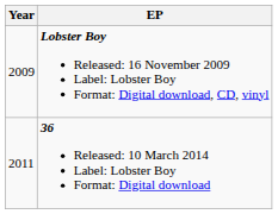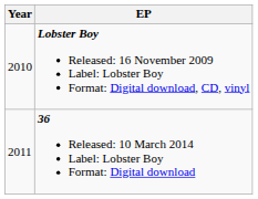 <table class="wikitable">
 <tr>
 <th>Year</th>
 <th>EP</th>
 </tr>
 <tr>
-<td>2009</td>
+<td>2010</td>
 <td><strong><em>Lobster Boy</em></strong><br><ul><li>Released: 16 November 2009</li><li>Label: Lobster Boy</li><li>Format: <a href='#'>Digital download</a>, <a href='#'>CD</a>, <a href='#'>vinyl</a></li></ul></td>
 </tr>
 <tr>
 <td>2011</td>
 <td><strong><em>36</em></strong><br><ul><li>Released: 10 March 2014</li><li>Label: Lobster Boy</li><li>Format: <a href='#'>Digital download</a></li></ul></td>
 </tr>
 </table>
